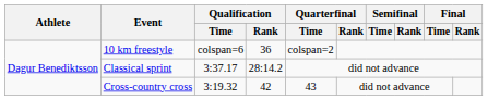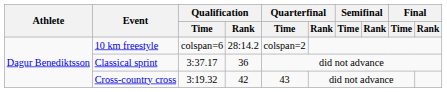 <table class="wikitable" style="font-size:90%">
 <tr>
 <th rowspan="2">Athlete</th>
 <th rowspan="2">Event</th>
 <th colspan="2">Qualification</th>
 <th colspan="2">Quarterfinal</th>
 <th colspan="2">Semifinal</th>
 <th colspan="2">Final</th>
 </tr>
 <tr style="font-size:95%">
 <th>Time</th>
 <th>Rank</th>
 <th>Time</th>
 <th>Rank</th>
 <th>Time</th>
 <th>Rank</th>
 <th>Time</th>
 <th>Rank</th>
 </tr>
 <tr align=center>
 <td align=left rowspan=3><a href='#'>Dagur Benediktsson</a></td>
 <td align=left><a href='#'>10 km freestyle</a></td>
 <td>colspan=6 </td>
-<td>36</td>
+<td>28:14.2</td>
 <td>colspan=2 </td>
 </tr>
 <tr align=center>
 <td align=left><a href='#'>Classical sprint</a></td>
 <td>3:37.17</td>
-<td>28:14.2</td>
+<td>36</td>
 <td colspan=6>did not advance</td>
 </tr>
 <tr align=center>
 <td align=left><a href='#'>Cross-country cross</a></td>
 <td>3:19.32</td>
 <td>42</td>
 <td>43</td>
 <td colspan=4>did not advance</td>
 </tr>
 </table>
